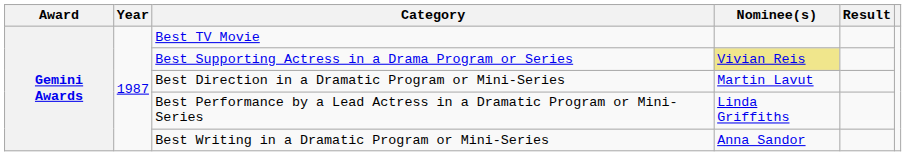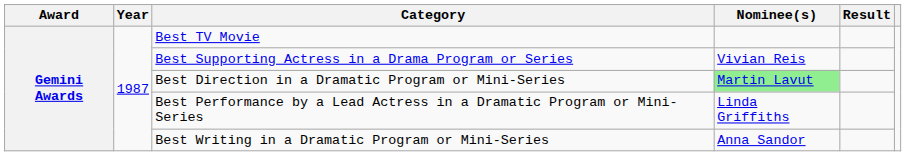 <table class="wikitable sortable plainrowheaders">
 <tr>
 <th scope="col">Award</th>
 <th scope="col">Year</th>
 <th scope="col">Category</th>
 <th scope="col">Nominee(s)</th>
 <th scope="col">Result</th>
 <th scope="col" class="unsortable"></th>
 </tr>
 <tr>
 <th scope="row" rowspan="5"><a href='#'>Gemini Awards</a></th>
 <td rowspan="5"><a href='#'>1987</a></td>
 <td><a href='#'>Best TV Movie</a></td>
 <td></td>
 <td></td>
 <td rowspan="5" style="text-align: center;"></td>
 </tr>
 <tr>
 <td><a href='#'>Best Supporting Actress in a Drama Program or Series</a></td>
-<td style="background: khaki;"><a href='#'>Vivian Reis</a></td>
+<td><a href='#'>Vivian Reis</a></td>
 <td></td>
 </tr>
 <tr>
 <td>Best Direction in a Dramatic Program or Mini-Series</td>
-<td><a href='#'>Martin Lavut</a></td>
+<td style="background: lightgreen;"><a href='#'>Martin Lavut</a></td>
 <td></td>
 </tr>
 <tr>
 <td>Best Performance by a Lead Actress in a Dramatic Program or Mini-Series</td>
 <td><a href='#'>Linda Griffiths</a></td>
 <td></td>
 </tr>
 <tr>
 <td>Best Writing in a Dramatic Program or Mini-Series</td>
 <td><a href='#'>Anna Sandor</a></td>
 <td></td>
 </tr>
 </table>
